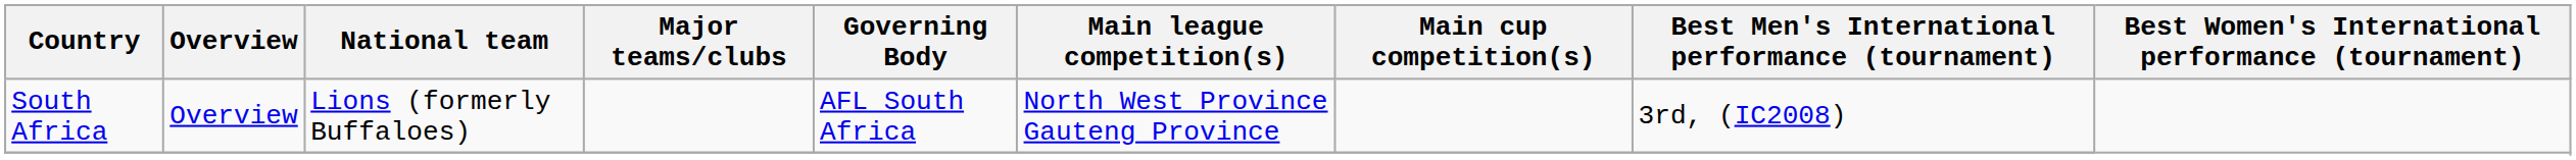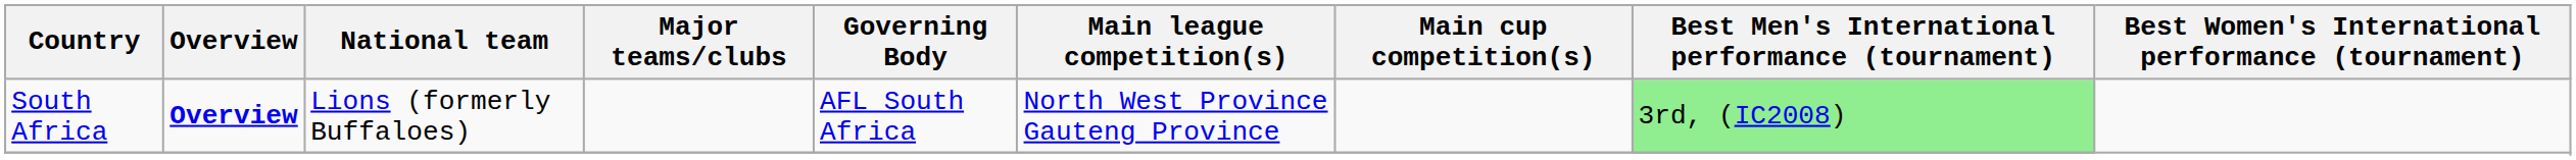 <table class="wikitable">
 <tr>
 <th>Country</th>
 <th>Overview</th>
 <th>National team</th>
 <th>Major teams/clubs</th>
 <th>Governing Body</th>
 <th>Main league competition(s)</th>
 <th>Main cup competition(s)</th>
 <th>Best Men's International performance (tournament)</th>
 <th>Best Women's International performance (tournament)</th>
 </tr>
 <tr>
 <td> <a href='#'>South Africa</a></td>
-<td><a href='#'>Overview</a></td>
+<td><strong><a href='#'>Overview</a></strong></td>
 <td><a href='#'>Lions</a> (formerly Buffaloes)</td>
 <td></td>
 <td><a href='#'>AFL South Africa</a></td>
 <td><a href='#'>North West Province</a><br><a href='#'>Gauteng Province</a></td>
 <td></td>
-<td>3rd, (<a href='#'>IC2008</a>)</td>
+<td style="background: lightgreen;">3rd, (<a href='#'>IC2008</a>)</td>
 </tr>
 <tr>
 </tr>
 </table>
